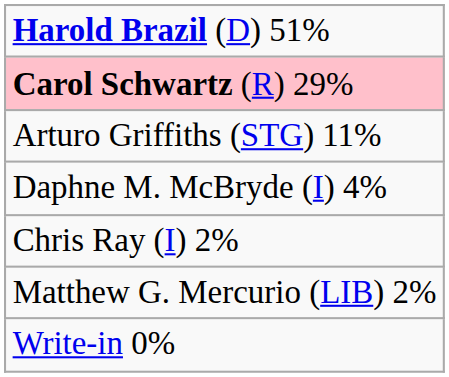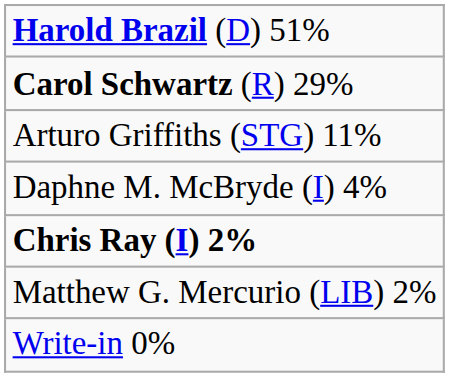 <table class="wikitable">
 <tr>
 <td><strong><a href='#'>Harold Brazil</a></strong> (<a href='#'>D</a>) 51%</td>
 </tr>
 <tr>
-<td style="background: pink;"><strong>Carol Schwartz</strong> (<a href='#'>R</a>) 29%</td>
+<td><strong>Carol Schwartz</strong> (<a href='#'>R</a>) 29%</td>
 </tr>
 <tr>
 <td>Arturo Griffiths (<a href='#'>STG</a>) 11%</td>
 </tr>
 <tr>
 <td>Daphne M. McBryde (<a href='#'>I</a>) 4%</td>
 </tr>
 <tr>
-<td>Chris Ray (<a href='#'>I</a>) 2%</td>
+<td><strong>Chris Ray (<a href='#'>I</a>) 2%</strong></td>
 </tr>
 <tr>
 <td>Matthew G. Mercurio (<a href='#'>LIB</a>) 2%</td>
 </tr>
 <tr>
 <td><a href='#'>Write-in</a> 0%</td>
 </tr>
 </table>
